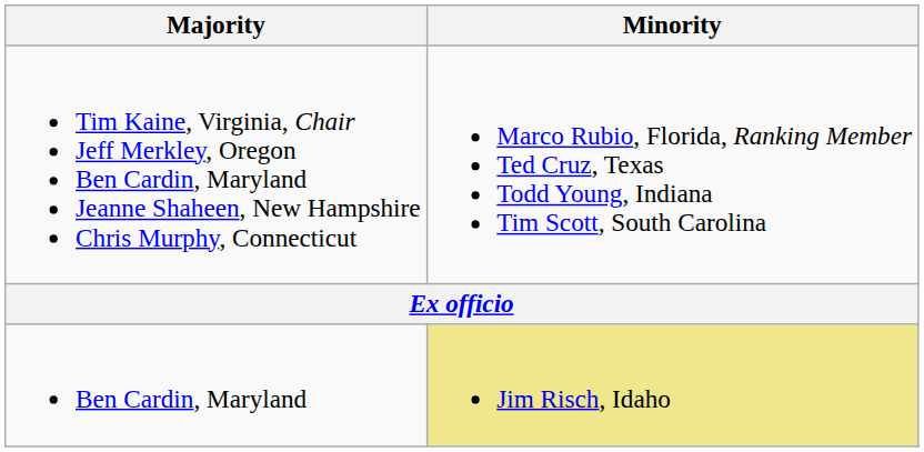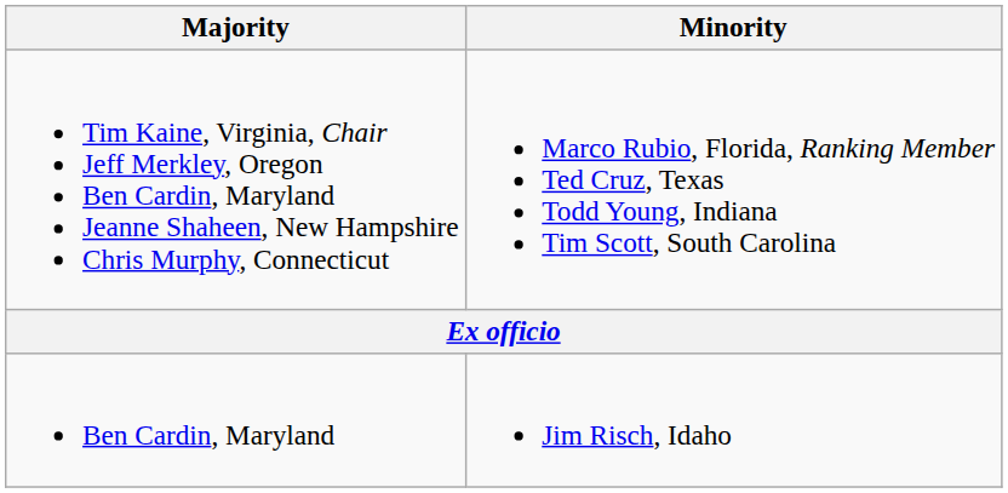 <table class=wikitable>
 <tr>
 <th>Majority</th>
 <th>Minority</th>
 </tr>
 <tr>
 <td><br><ul><li><a href='#'>Tim Kaine</a>, Virginia, <em>Chair</em></li><li><a href='#'>Jeff Merkley</a>, Oregon</li><li><a href='#'>Ben Cardin</a>, Maryland</li><li><a href='#'>Jeanne Shaheen</a>, New Hampshire</li><li><a href='#'>Chris Murphy</a>, Connecticut</li></ul></td>
 <td><br><ul><li><a href='#'>Marco Rubio</a>, Florida, <em>Ranking Member</em></li><li><a href='#'>Ted Cruz</a>, Texas</li><li><a href='#'>Todd Young</a>, Indiana</li><li><a href='#'>Tim Scott</a>, South Carolina</li></ul></td>
 </tr>
 <tr>
 <th colspan=2><em><a href='#'>Ex officio</a></em></th>
 </tr>
 <tr>
 <td><br><ul><li><a href='#'>Ben Cardin</a>, Maryland</li></ul></td>
-<td style="background: khaki;"><br><ul><li><a href='#'>Jim Risch</a>, Idaho</li></ul></td>
+<td><br><ul><li><a href='#'>Jim Risch</a>, Idaho</li></ul></td>
 </tr>
 </table>
